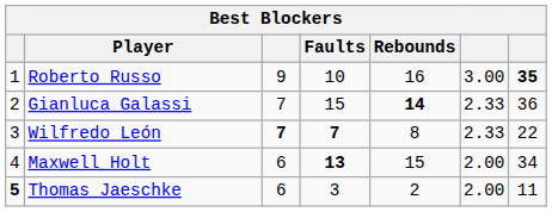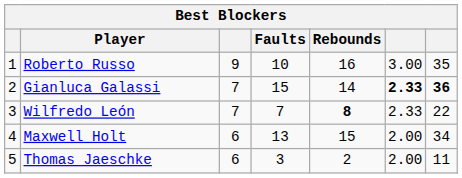 <table class="wikitable sortable" style=font-size:90%>
 <tr>
 <th colspan=7>Best Blockers</th>
 </tr>
 <tr>
 <th></th>
 <th width=158>Player</th>
 <th width=20></th>
 <th width=20>Faults</th>
 <th width=20>Rebounds</th>
 <th width=20></th>
 <th width=20></th>
 </tr>
 <tr>
 <td>1</td>
 <td> <a href='#'>Roberto Russo</a></td>
 <td align=center>9</td>
 <td align=center>10</td>
 <td align=center>16</td>
 <td align=center>3.00</td>
-<td align=center><strong>35</strong></td>
+<td align=center>35</td>
 </tr>
 <tr>
 <td>2</td>
 <td> <a href='#'>Gianluca Galassi</a></td>
 <td align=center>7</td>
 <td align=center>15</td>
-<td align=center><strong>14</strong></td>
-<td align=center>2.33</td>
-<td align=center>36</td>
+<td align=center>14</td>
+<td align=center><strong>2.33</strong></td>
+<td align=center><strong>36</strong></td>
 </tr>
 <tr>
 <td>3</td>
 <td> <a href='#'>Wilfredo León</a></td>
-<td align=center><strong>7</strong></td>
-<td align=center><strong>7</strong></td>
-<td align=center>8</td>
+<td align=center>7</td>
+<td align=center>7</td>
+<td align=center><strong>8</strong></td>
 <td align=center>2.33</td>
 <td align=center>22</td>
 </tr>
 <tr>
 <td>4</td>
 <td> <a href='#'>Maxwell Holt</a></td>
 <td align=center>6</td>
-<td align=center><strong>13</strong></td>
+<td align=center>13</td>
 <td align=center>15</td>
 <td align=center>2.00</td>
 <td align=center>34</td>
 </tr>
 <tr>
-<td><strong>5</strong></td>
+<td>5</td>
 <td> <a href='#'>Thomas Jaeschke</a></td>
 <td align=center>6</td>
 <td align=center>3</td>
 <td align=center>2</td>
 <td align=center>2.00</td>
 <td align=center>11</td>
 </tr>
 </table>
